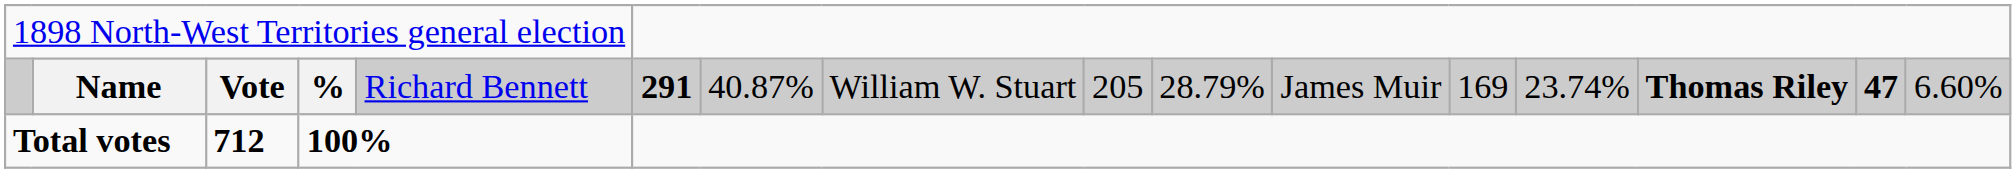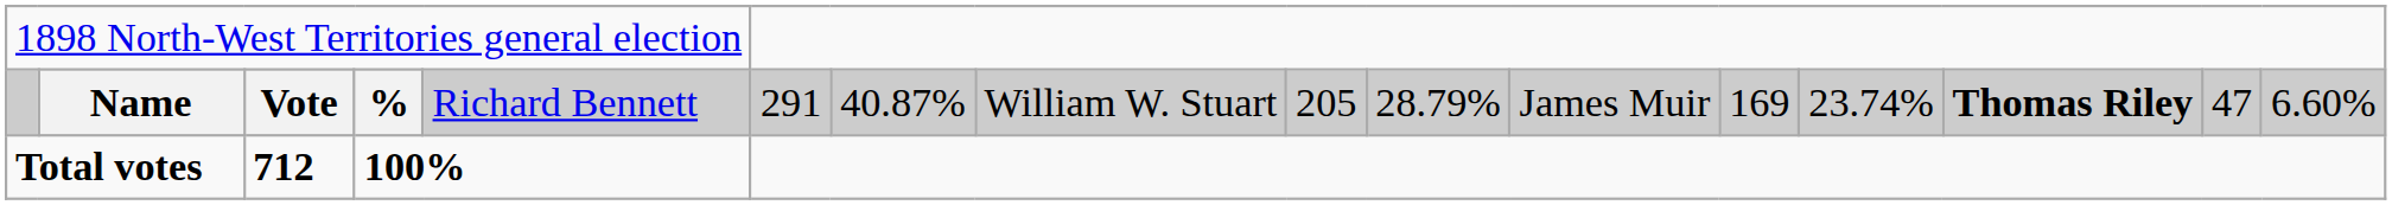 <table class="wikitable">
 <tr>
 <td colspan=5 align=center><a href='#'>1898 North-West Territories general election</a></td>
 </tr>
 <tr bgcolor="CCCCCC">
 <td></td>
 <th>Name</th>
 <th>Vote</th>
 <th>%<br></th>
 <td><a href='#'>Richard Bennett</a></td>
-<td><strong>291</strong></td>
+<td>291</td>
 <td>40.87%<br></td>
 <td>William W. Stuart</td>
 <td>205</td>
 <td>28.79%<br></td>
 <td>James Muir</td>
 <td>169</td>
 <td>23.74%<br></td>
 <td><strong>Thomas Riley</strong></td>
-<td><strong>47</strong></td>
+<td>47</td>
 <td>6.60%</td>
 </tr>
 <tr>
 <td colspan=2><strong>Total votes</strong></td>
 <td><strong>712</strong></td>
 <td colspan=2 alignment="left"><strong>100%</strong></td>
 </tr>
 </table>
